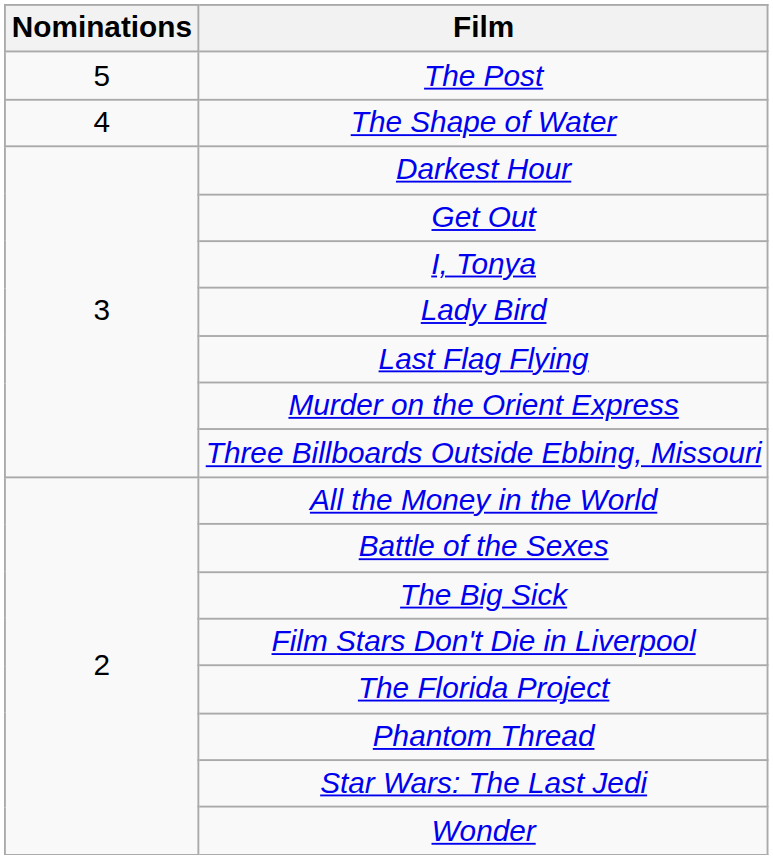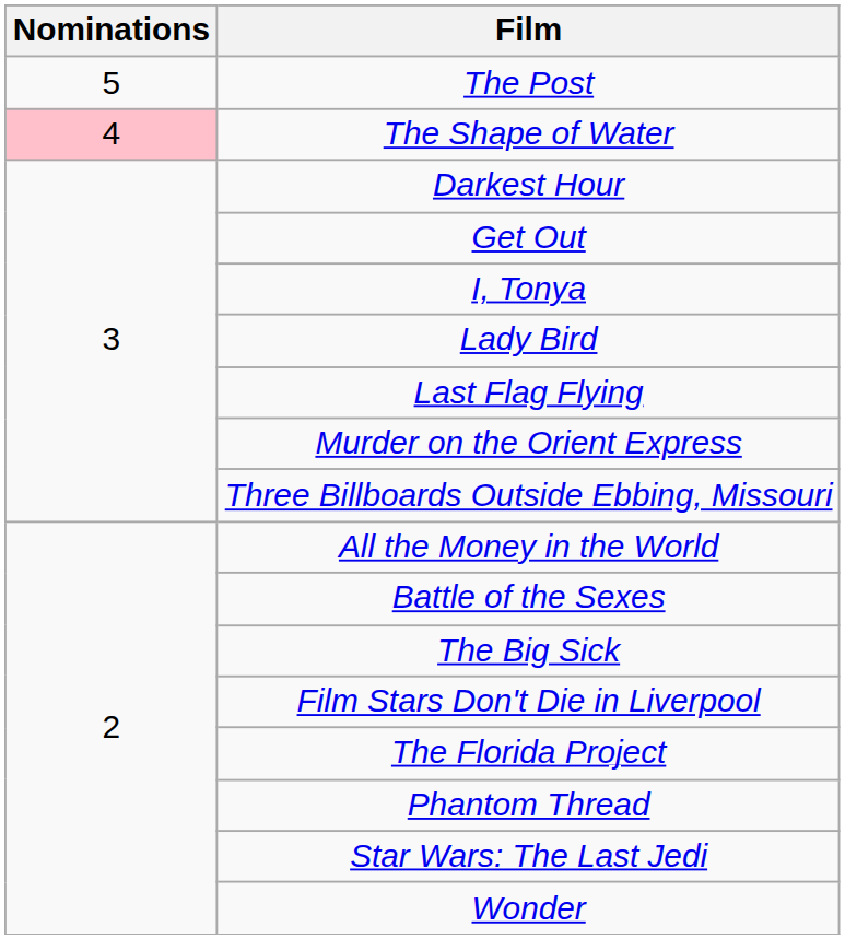 <table class="wikitable plainrowheaders" style="text-align:center;">
 <tr>
 <th scope="col" style="width:55px;">Nominations</th>
 <th scope="col" style="text-align:center;">Film</th>
 </tr>
 <tr>
 <td rowspan="1" scope="row" style="text-align:center">5</td>
 <td><em><a href='#'>The Post</a></em></td>
 </tr>
 <tr>
-<td rowspan="1" scope="row" style="text-align:center">4</td>
+<td rowspan="1" scope="row" style="background: pink; text-align:center">4</td>
 <td><em><a href='#'>The Shape of Water</a></em></td>
 </tr>
 <tr>
 <td scope=row rowspan=7 style="text-align:center;">3</td>
 <td><em><a href='#'>Darkest Hour</a></em></td>
 </tr>
 <tr>
 <td><em><a href='#'>Get Out</a></em></td>
 </tr>
 <tr>
 <td><em><a href='#'>I, Tonya</a></em></td>
 </tr>
 <tr>
 <td><em><a href='#'>Lady Bird</a></em></td>
 </tr>
 <tr>
 <td><em><a href='#'>Last Flag Flying</a></em></td>
 </tr>
 <tr>
 <td><em><a href='#'>Murder on the Orient Express</a></em></td>
 </tr>
 <tr>
 <td><em><a href='#'>Three Billboards Outside Ebbing, Missouri</a></em></td>
 </tr>
 <tr>
 <td scope=row rowspan=10 style="text-align:center;">2</td>
 <td><em><a href='#'>All the Money in the World</a></em></td>
 </tr>
 <tr>
 <td><em><a href='#'>Battle of the Sexes</a></em></td>
 </tr>
 <tr>
 <td><em><a href='#'>The Big Sick</a></em></td>
 </tr>
 <tr>
 <td><em><a href='#'>Film Stars Don't Die in Liverpool</a></em></td>
 </tr>
 <tr>
 <td><em><a href='#'>The Florida Project</a></em></td>
 </tr>
 <tr>
 <td><em><a href='#'>Phantom Thread</a></em></td>
 </tr>
 <tr>
 <td><em><a href='#'>Star Wars: The Last Jedi</a></em></td>
 </tr>
 <tr>
 <td><em><a href='#'>Wonder</a></em></td>
 </tr>
 </table>
